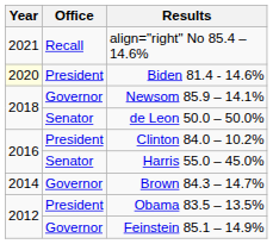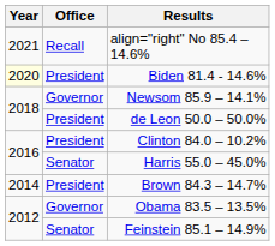 <table class=wikitable>
 <tr>
 <th width="30">Year</th>
 <th width="60">Office</th>
 <th width="180">Results</th>
 </tr>
 <tr>
 <td>2021</td>
 <td><a href='#'>Recall</a></td>
 <td>align="right"  No 85.4 – 14.6%</td>
 </tr>
 <tr>
 <td rowspan="1" style="background: lightyellow;">2020</td>
 <td><a href='#'>President</a></td>
 <td align="right" ><a href='#'>Biden</a> 81.4 - 14.6%</td>
 </tr>
 <tr>
 <td rowspan="2">2018</td>
 <td><a href='#'>Governor</a></td>
 <td align="right" ><a href='#'>Newsom</a> 85.9 – 14.1%</td>
 </tr>
 <tr>
-<td><a href='#'>Senator</a></td>
+<td><a href='#'>President</a></td>
 <td align="right" ><a href='#'>de Leon</a> 50.0 – 50.0%</td>
 </tr>
 <tr>
 <td rowspan="2">2016</td>
 <td><a href='#'>President</a></td>
 <td align="right" ><a href='#'>Clinton</a> 84.0 – 10.2%</td>
 </tr>
 <tr>
 <td><a href='#'>Senator</a></td>
 <td align="right" ><a href='#'>Harris</a> 55.0 – 45.0%</td>
 </tr>
 <tr>
 <td>2014</td>
-<td><a href='#'>Governor</a></td>
+<td><a href='#'>President</a></td>
 <td align="right" ><a href='#'>Brown</a> 84.3 – 14.7%</td>
 </tr>
 <tr>
 <td rowspan="2">2012</td>
-<td><a href='#'>President</a></td>
+<td><a href='#'>Governor</a></td>
 <td align="right" ><a href='#'>Obama</a> 83.5 – 13.5%</td>
 </tr>
 <tr>
-<td><a href='#'>Governor</a></td>
+<td><a href='#'>Senator</a></td>
 <td align="right" ><a href='#'>Feinstein</a> 85.1 – 14.9%</td>
 </tr>
 </table>
